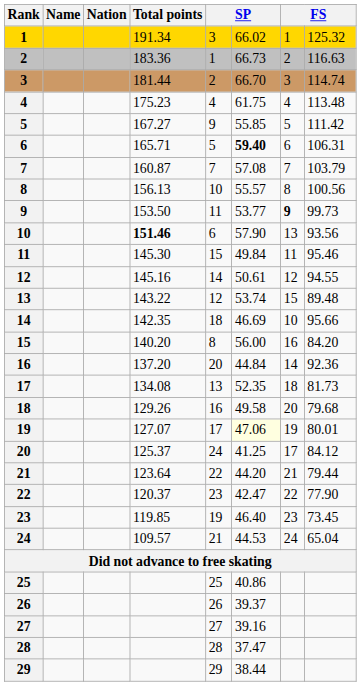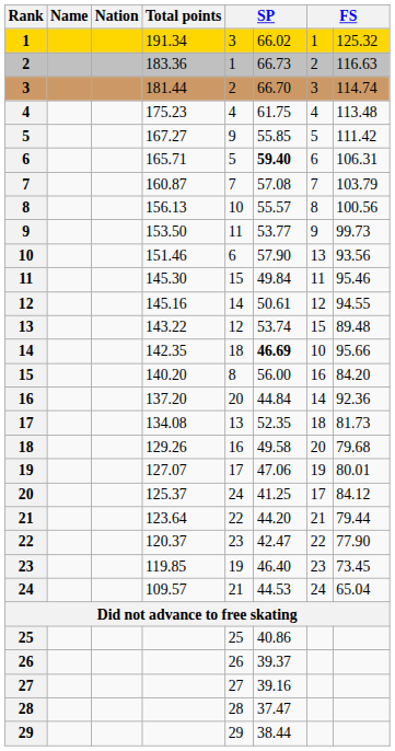 <table class="wikitable">
 <tr>
 <th>Rank</th>
 <th>Name</th>
 <th>Nation</th>
 <th>Total points</th>
 <th colspan="2" width="80px"><a href='#'>SP</a></th>
 <th colspan="2" width="80px"><a href='#'>FS</a></th>
 </tr>
 <tr bgcolor="gold">
 <td align="center"><strong>1</strong></td>
 <td></td>
 <td></td>
 <td>191.34</td>
 <td>3</td>
 <td>66.02</td>
 <td>1</td>
 <td>125.32</td>
 </tr>
 <tr bgcolor="silver">
 <td align="center"><strong>2</strong></td>
 <td></td>
 <td></td>
 <td>183.36</td>
 <td>1</td>
 <td>66.73</td>
 <td>2</td>
 <td>116.63</td>
 </tr>
 <tr bgcolor="cc9966">
 <td align="center"><strong>3</strong></td>
 <td></td>
 <td></td>
 <td>181.44</td>
 <td>2</td>
 <td>66.70</td>
 <td>3</td>
 <td>114.74</td>
 </tr>
 <tr>
 <th>4</th>
 <td></td>
 <td></td>
 <td>175.23</td>
 <td>4</td>
 <td>61.75</td>
 <td>4</td>
 <td>113.48</td>
 </tr>
 <tr>
 <th>5</th>
 <td></td>
 <td></td>
 <td>167.27</td>
 <td>9</td>
 <td>55.85</td>
 <td>5</td>
 <td>111.42</td>
 </tr>
 <tr>
 <th>6</th>
 <td></td>
 <td></td>
 <td>165.71</td>
 <td>5</td>
 <td><strong>59.40</strong></td>
 <td>6</td>
 <td>106.31</td>
 </tr>
 <tr>
 <th>7</th>
 <td></td>
 <td></td>
 <td>160.87</td>
 <td>7</td>
 <td>57.08</td>
 <td>7</td>
 <td>103.79</td>
 </tr>
 <tr>
 <th>8</th>
 <td></td>
 <td></td>
 <td>156.13</td>
 <td>10</td>
 <td>55.57</td>
 <td>8</td>
 <td>100.56</td>
 </tr>
 <tr>
 <th>9</th>
 <td></td>
 <td></td>
 <td>153.50</td>
 <td>11</td>
 <td>53.77</td>
-<td><strong>9</strong></td>
+<td>9</td>
 <td>99.73</td>
 </tr>
 <tr>
 <th>10</th>
 <td></td>
 <td></td>
-<td><strong>151.46</strong></td>
+<td>151.46</td>
 <td>6</td>
 <td>57.90</td>
 <td>13</td>
 <td>93.56</td>
 </tr>
 <tr>
 <th>11</th>
 <td></td>
 <td></td>
 <td>145.30</td>
 <td>15</td>
 <td>49.84</td>
 <td>11</td>
 <td>95.46</td>
 </tr>
 <tr>
 <th>12</th>
 <td></td>
 <td></td>
 <td>145.16</td>
 <td>14</td>
 <td>50.61</td>
 <td>12</td>
 <td>94.55</td>
 </tr>
 <tr>
 <th>13</th>
 <td></td>
 <td></td>
 <td>143.22</td>
 <td>12</td>
 <td>53.74</td>
 <td>15</td>
 <td>89.48</td>
 </tr>
 <tr>
 <th>14</th>
 <td></td>
 <td></td>
 <td>142.35</td>
 <td>18</td>
-<td>46.69</td>
+<td><strong>46.69</strong></td>
 <td>10</td>
 <td>95.66</td>
 </tr>
 <tr>
 <th>15</th>
 <td></td>
 <td></td>
 <td>140.20</td>
 <td>8</td>
 <td>56.00</td>
 <td>16</td>
 <td>84.20</td>
 </tr>
 <tr>
 <th>16</th>
 <td></td>
 <td></td>
 <td>137.20</td>
 <td>20</td>
 <td>44.84</td>
 <td>14</td>
 <td>92.36</td>
 </tr>
 <tr>
 <th>17</th>
 <td></td>
 <td></td>
 <td>134.08</td>
 <td>13</td>
 <td>52.35</td>
 <td>18</td>
 <td>81.73</td>
 </tr>
 <tr>
 <th>18</th>
 <td></td>
 <td></td>
 <td>129.26</td>
 <td>16</td>
 <td>49.58</td>
 <td>20</td>
 <td>79.68</td>
 </tr>
 <tr>
 <th>19</th>
 <td></td>
 <td></td>
 <td>127.07</td>
 <td>17</td>
-<td style="background: lightyellow;">47.06</td>
+<td>47.06</td>
 <td>19</td>
 <td>80.01</td>
 </tr>
 <tr>
 <th>20</th>
 <td></td>
 <td></td>
 <td>125.37</td>
 <td>24</td>
 <td>41.25</td>
 <td>17</td>
 <td>84.12</td>
 </tr>
 <tr>
 <th>21</th>
 <td></td>
 <td></td>
 <td>123.64</td>
 <td>22</td>
 <td>44.20</td>
 <td>21</td>
 <td>79.44</td>
 </tr>
 <tr>
 <th>22</th>
 <td></td>
 <td></td>
 <td>120.37</td>
 <td>23</td>
 <td>42.47</td>
 <td>22</td>
 <td>77.90</td>
 </tr>
 <tr>
 <th>23</th>
 <td></td>
 <td></td>
 <td>119.85</td>
 <td>19</td>
 <td>46.40</td>
 <td>23</td>
 <td>73.45</td>
 </tr>
 <tr>
 <th>24</th>
 <td></td>
 <td></td>
 <td>109.57</td>
 <td>21</td>
 <td>44.53</td>
 <td>24</td>
 <td>65.04</td>
 </tr>
 <tr>
 <th colspan=8>Did not advance to free skating</th>
 </tr>
 <tr>
 <th>25</th>
 <td></td>
 <td></td>
 <td></td>
 <td>25</td>
 <td>40.86</td>
 <td></td>
 <td></td>
 </tr>
 <tr>
 <th>26</th>
 <td></td>
 <td></td>
 <td></td>
 <td>26</td>
 <td>39.37</td>
 <td></td>
 <td></td>
 </tr>
 <tr>
 <th>27</th>
 <td></td>
 <td></td>
 <td></td>
 <td>27</td>
 <td>39.16</td>
 <td></td>
 <td></td>
 </tr>
 <tr>
 <th>28</th>
 <td></td>
 <td></td>
 <td></td>
 <td>28</td>
 <td>37.47</td>
 <td></td>
 <td></td>
 </tr>
 <tr>
 <th>29</th>
 <td></td>
 <td></td>
 <td></td>
 <td>29</td>
 <td>38.44</td>
 <td></td>
 <td></td>
 </tr>
 </table>
